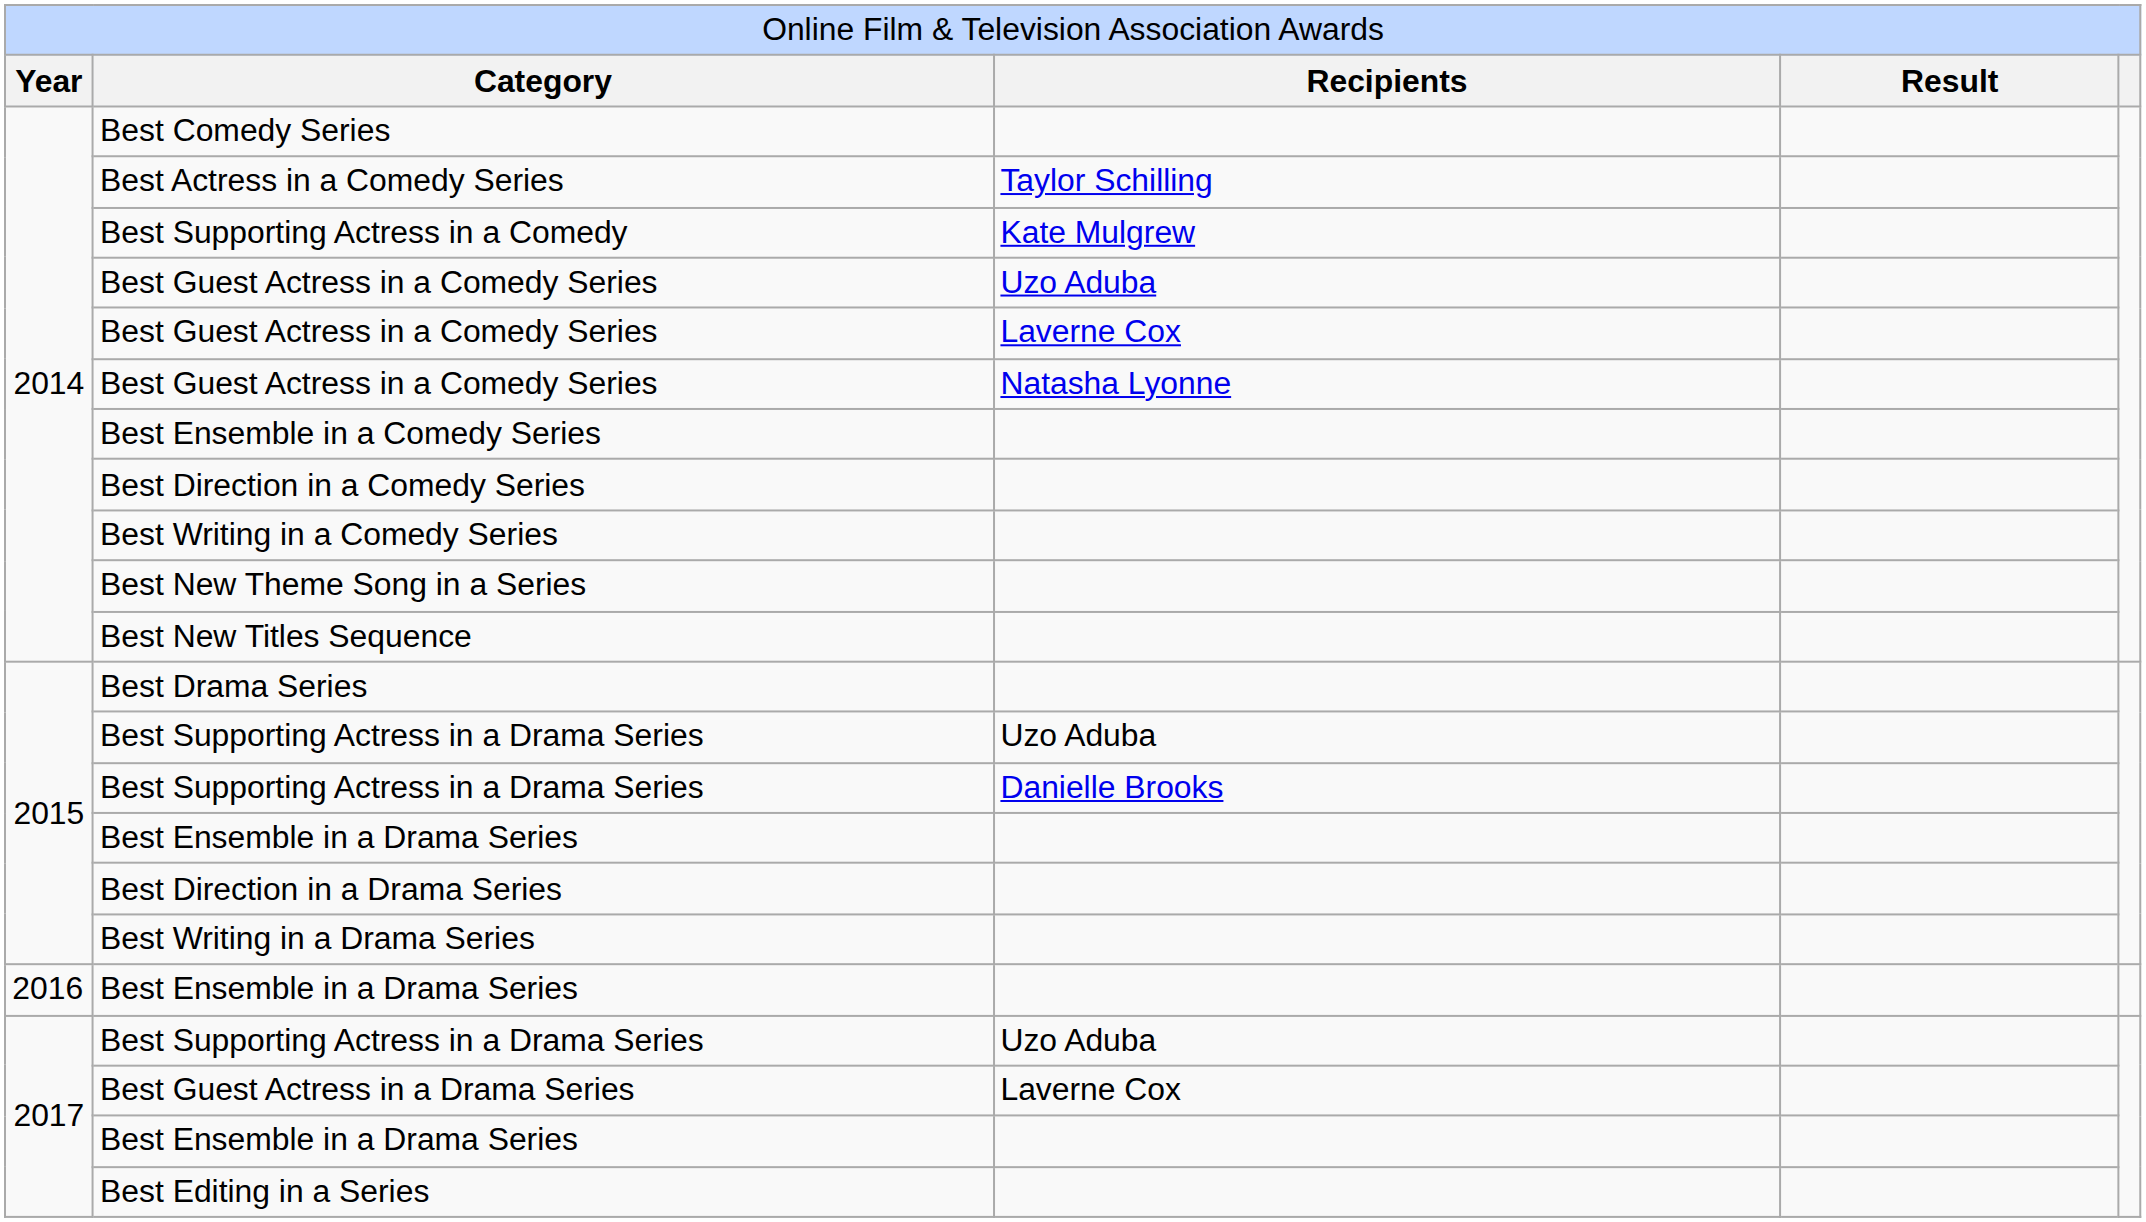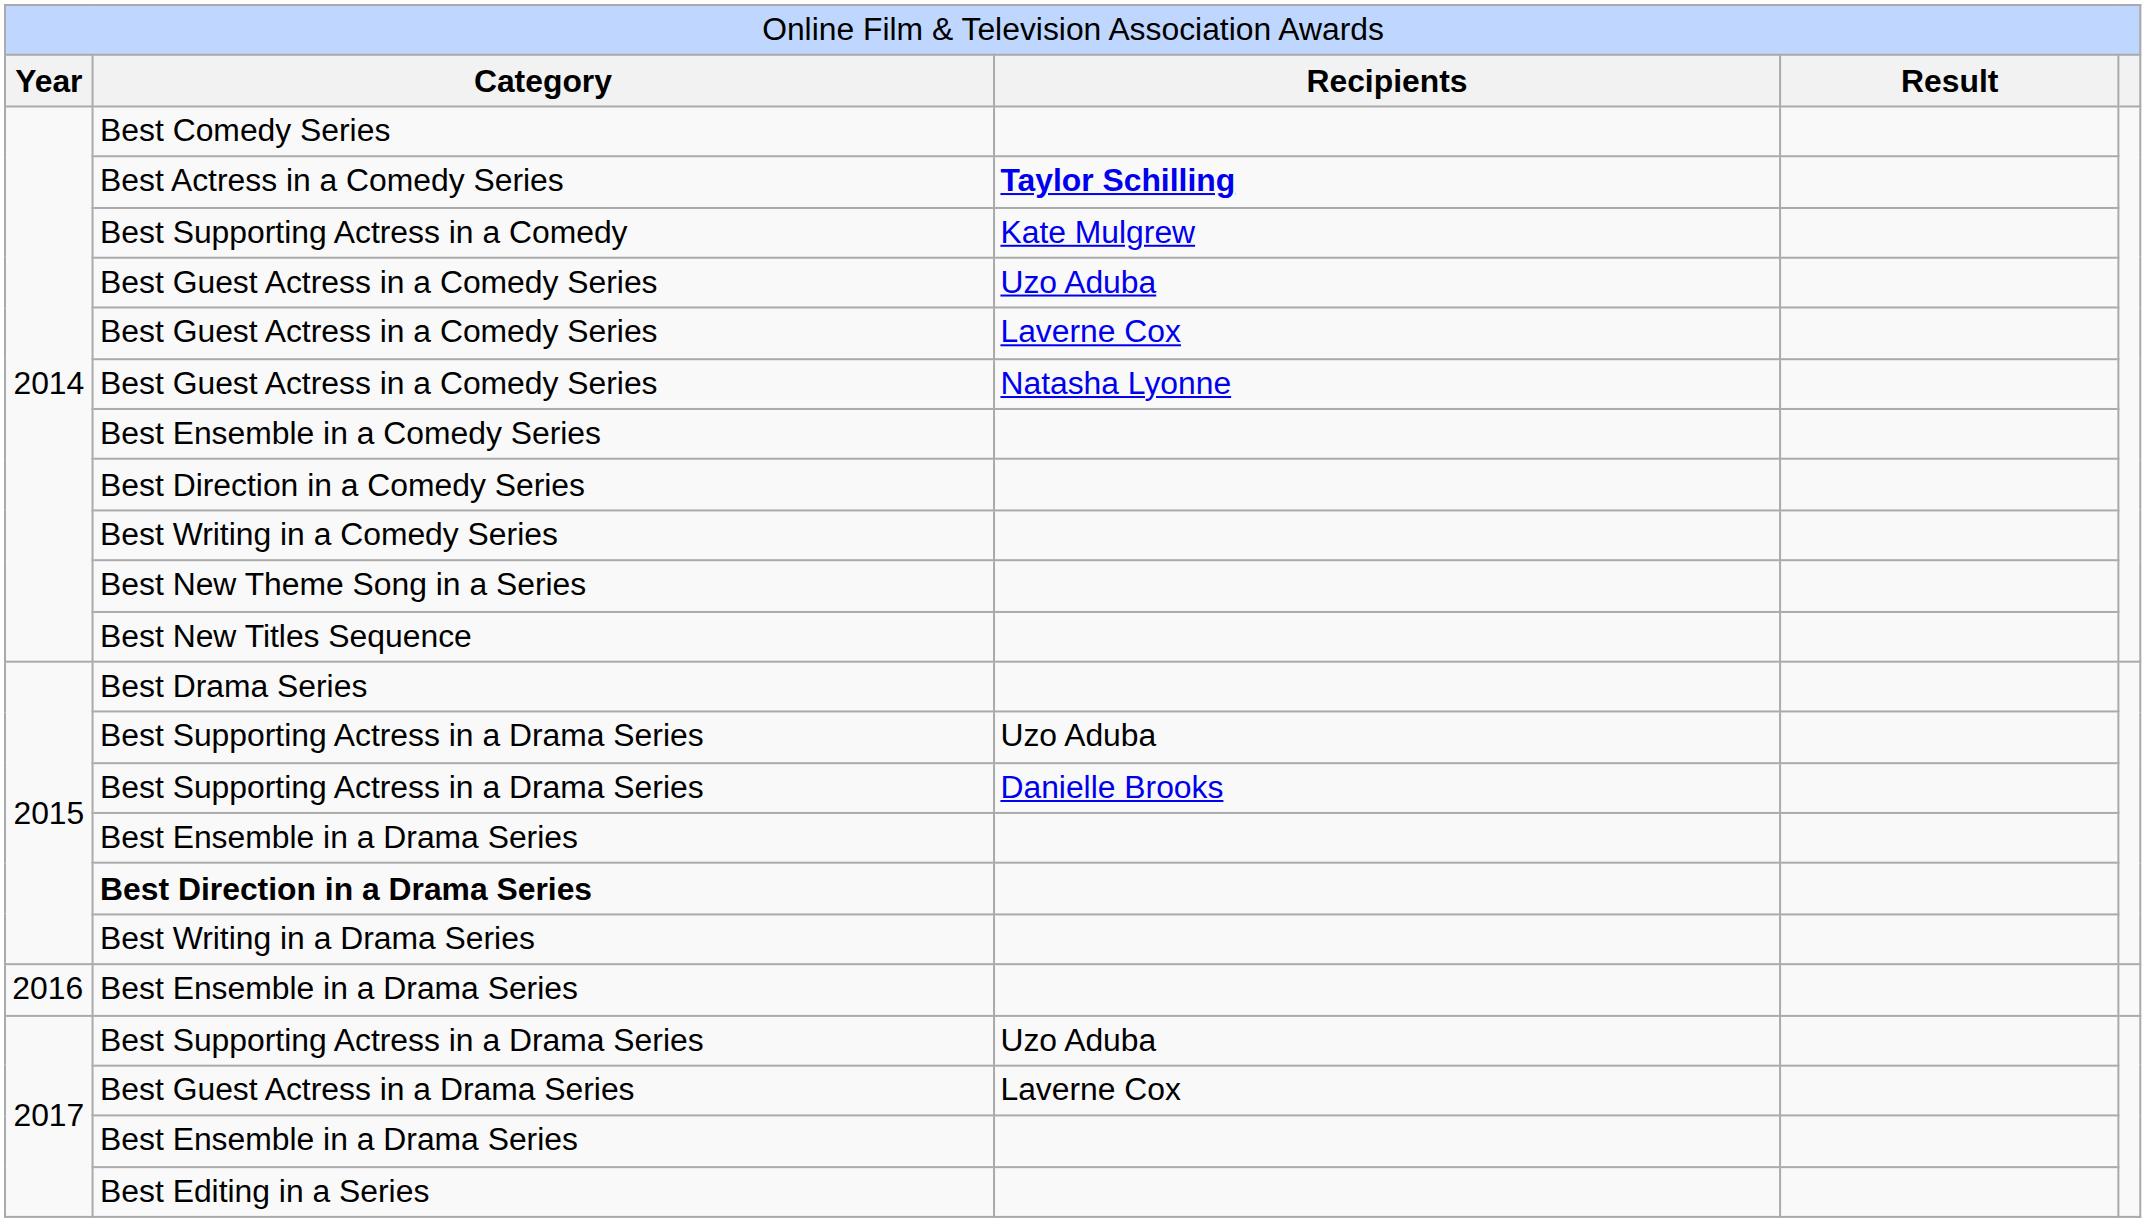 <table class="wikitable plainrowheaders" style="font-size: 100%; width:85%">
 <tr>
 </tr>
 <tr ---- bgcolor="#bfd7ff">
 <td colspan=6 align=center>Online Film & Television Association Awards</td>
 </tr>
 <tr ---- bgcolor="#ebf5ff">
 <th scope="col" style="width:2%;">Year</th>
 <th scope="col" style="width:40%;">Category</th>
 <th scope="col" style="width:35%;">Recipients</th>
 <th scope="col" style="width:15%;">Result</th>
 <th scope="col" class="unsortable" style="width:1%;"></th>
 </tr>
 <tr>
 <td rowspan=11 style="text-align:center;">2014</td>
 <td>Best Comedy Series</td>
 <td></td>
 <td></td>
 <td rowspan=11 style="text-align:center;"></td>
 </tr>
 <tr>
 <td>Best Actress in a Comedy Series</td>
-<td><a href='#'>Taylor Schilling</a></td>
+<td><strong><a href='#'>Taylor Schilling</a></strong></td>
 <td></td>
 </tr>
 <tr>
 <td>Best Supporting Actress in a Comedy</td>
 <td><a href='#'>Kate Mulgrew</a></td>
 <td></td>
 </tr>
 <tr>
 <td>Best Guest Actress in a Comedy Series</td>
 <td><a href='#'>Uzo Aduba</a></td>
 <td></td>
 </tr>
 <tr>
 <td>Best Guest Actress in a Comedy Series</td>
 <td><a href='#'>Laverne Cox</a></td>
 <td></td>
 </tr>
 <tr>
 <td>Best Guest Actress in a Comedy Series</td>
 <td><a href='#'>Natasha Lyonne</a></td>
 <td></td>
 </tr>
 <tr>
 <td>Best Ensemble in a Comedy Series</td>
 <td></td>
 <td></td>
 </tr>
 <tr>
 <td>Best Direction in a Comedy Series</td>
 <td></td>
 <td></td>
 </tr>
 <tr>
 <td>Best Writing in a Comedy Series</td>
 <td></td>
 <td></td>
 </tr>
 <tr>
 <td>Best New Theme Song in a Series</td>
 <td></td>
 <td></td>
 </tr>
 <tr>
 <td>Best New Titles Sequence</td>
 <td></td>
 <td></td>
 </tr>
 <tr>
 <td rowspan=6 style="text-align:center;">2015</td>
 <td>Best Drama Series</td>
 <td></td>
 <td></td>
 <td rowspan=6 style="text-align:center;"></td>
 </tr>
 <tr>
 <td>Best Supporting Actress in a Drama Series</td>
 <td>Uzo Aduba</td>
 <td></td>
 </tr>
 <tr>
 <td>Best Supporting Actress in a Drama Series</td>
 <td><a href='#'>Danielle Brooks</a></td>
 <td></td>
 </tr>
 <tr>
 <td>Best Ensemble in a Drama Series</td>
 <td></td>
 <td></td>
 </tr>
 <tr>
-<td>Best Direction in a Drama Series</td>
+<td><strong>Best Direction in a Drama Series</strong></td>
 <td></td>
 <td></td>
 </tr>
 <tr>
 <td>Best Writing in a Drama Series</td>
 <td></td>
 <td></td>
 </tr>
 <tr>
 <td>2016</td>
 <td>Best Ensemble in a Drama Series</td>
 <td></td>
 <td></td>
 <td style="text-align:center;"></td>
 </tr>
 <tr>
 <td rowspan=4 style="text-align:center;">2017</td>
 <td>Best Supporting Actress in a Drama Series</td>
 <td>Uzo Aduba</td>
 <td></td>
 <td rowspan=4 style="text-align:center;"></td>
 </tr>
 <tr>
 <td>Best Guest Actress in a Drama Series</td>
 <td>Laverne Cox</td>
 <td></td>
 </tr>
 <tr>
 <td>Best Ensemble in a Drama Series</td>
 <td></td>
 <td></td>
 </tr>
 <tr>
 <td>Best Editing in a Series</td>
 <td></td>
 <td></td>
 </tr>
 </table>
